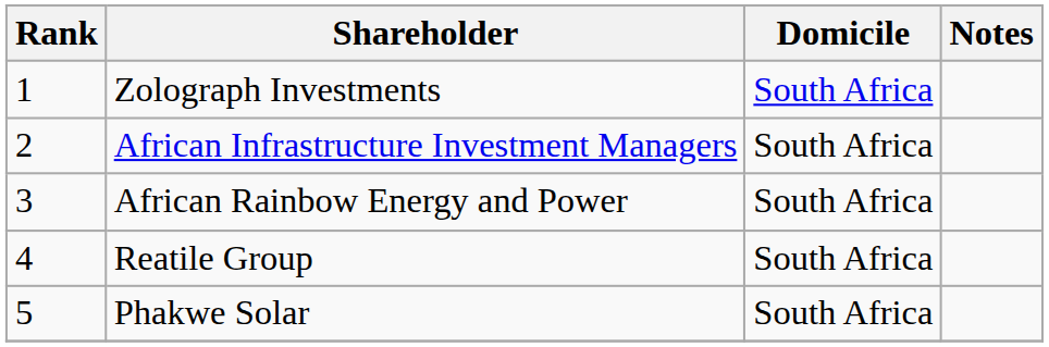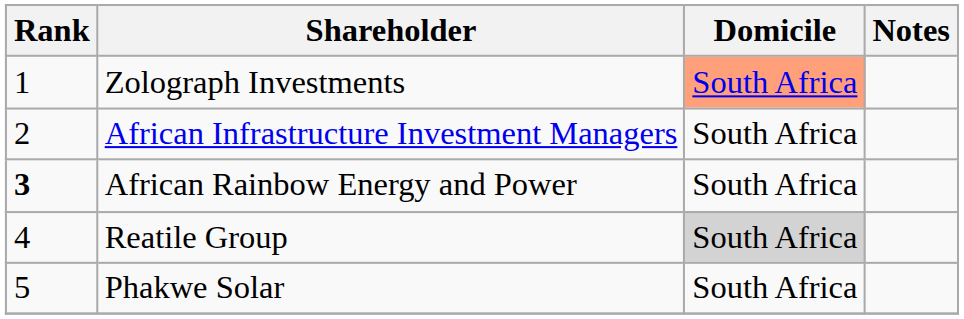 <table class="wikitable sortable" style="margin: 0.5em auto">
 <tr>
 <th>Rank</th>
 <th>Shareholder</th>
 <th>Domicile</th>
 <th>Notes</th>
 </tr>
 <tr>
 <td>1</td>
 <td>Zolograph Investments</td>
-<td><a href='#'>South Africa</a></td>
+<td style="background: lightsalmon;"><a href='#'>South Africa</a></td>
 <td></td>
 </tr>
 <tr>
 <td>2</td>
 <td><a href='#'>African Infrastructure Investment Managers</a></td>
 <td>South Africa</td>
 <td></td>
 </tr>
 <tr>
-<td>3</td>
+<td><strong>3</strong></td>
 <td>African Rainbow Energy and Power</td>
 <td>South Africa</td>
 <td></td>
 </tr>
 <tr>
 <td>4</td>
 <td>Reatile Group</td>
-<td>South Africa</td>
+<td style="background: lightgrey;">South Africa</td>
 <td></td>
 </tr>
 <tr>
 <td>5</td>
 <td>Phakwe Solar</td>
 <td>South Africa</td>
 <td></td>
 </tr>
 <tr>
 </tr>
 </table>
